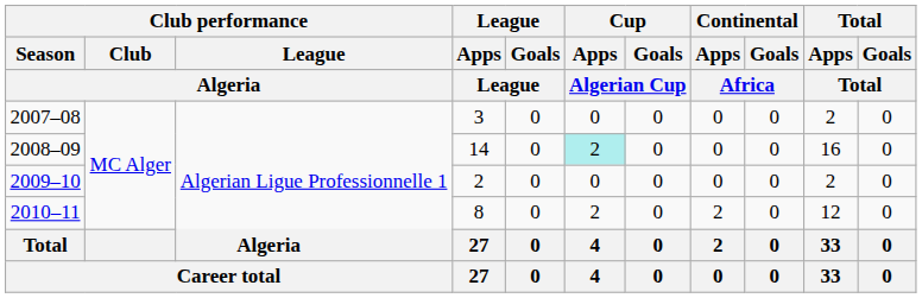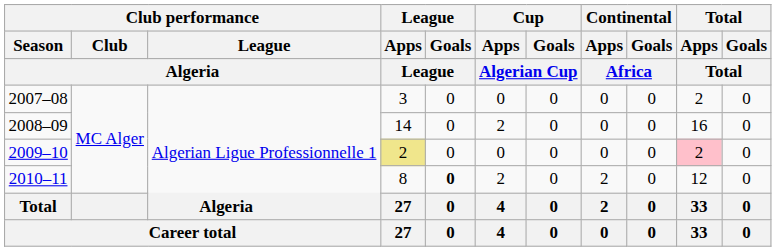 <table class="wikitable" style="text-align:center">
 <tr>
 <th colspan=3>Club performance</th>
 <th colspan=2>League</th>
 <th colspan=2>Cup</th>
 <th colspan=2>Continental</th>
 <th colspan=2>Total</th>
 </tr>
 <tr>
 <th>Season</th>
 <th>Club</th>
 <th>League</th>
 <th>Apps</th>
 <th>Goals</th>
 <th>Apps</th>
 <th>Goals</th>
 <th>Apps</th>
 <th>Goals</th>
 <th>Apps</th>
 <th>Goals</th>
 </tr>
 <tr>
 <th colspan=3>Algeria</th>
 <th colspan=2>League</th>
 <th colspan=2><a href='#'>Algerian Cup</a></th>
 <th colspan=2><a href='#'>Africa</a></th>
 <th colspan=2>Total</th>
 </tr>
 <tr>
 <td>2007–08</td>
 <td rowspan="4"><a href='#'>MC Alger</a></td>
 <td rowspan="5"><a href='#'>Algerian Ligue Professionnelle 1</a></td>
 <td>3</td>
 <td>0</td>
 <td>0</td>
 <td>0</td>
 <td>0</td>
 <td>0</td>
 <td>2</td>
 <td>0</td>
 </tr>
 <tr>
 <td>2008–09</td>
 <td>14</td>
 <td>0</td>
-<td style="background: paleturquoise;">2</td>
+<td>2</td>
 <td>0</td>
 <td>0</td>
 <td>0</td>
 <td>16</td>
 <td>0</td>
 </tr>
 <tr>
 <td><a href='#'>2009–10</a></td>
-<td>2</td>
+<td style="background: khaki;">2</td>
 <td>0</td>
 <td>0</td>
 <td>0</td>
 <td>0</td>
 <td>0</td>
-<td>2</td>
+<td style="background: pink;">2</td>
 <td>0</td>
 </tr>
 <tr>
 <td><a href='#'>2010–11</a></td>
 <td>8</td>
-<td>0</td>
+<td><strong>0</strong></td>
 <td>2</td>
 <td>0</td>
 <td>2</td>
 <td>0</td>
 <td>12</td>
 <td>0</td>
 </tr>
 <tr>
 <th rowspan=1>Total</th>
 <th colspan=2>Algeria</th>
 <th>27</th>
 <th>0</th>
 <th>4</th>
 <th>0</th>
 <th>2</th>
 <th>0</th>
 <th>33</th>
 <th>0</th>
 </tr>
 <tr>
 <th colspan=3>Career total</th>
 <th>27</th>
 <th>0</th>
 <th>4</th>
 <th>0</th>
 <th>0</th>
 <th>0</th>
 <th>33</th>
 <th>0</th>
 </tr>
 </table>
